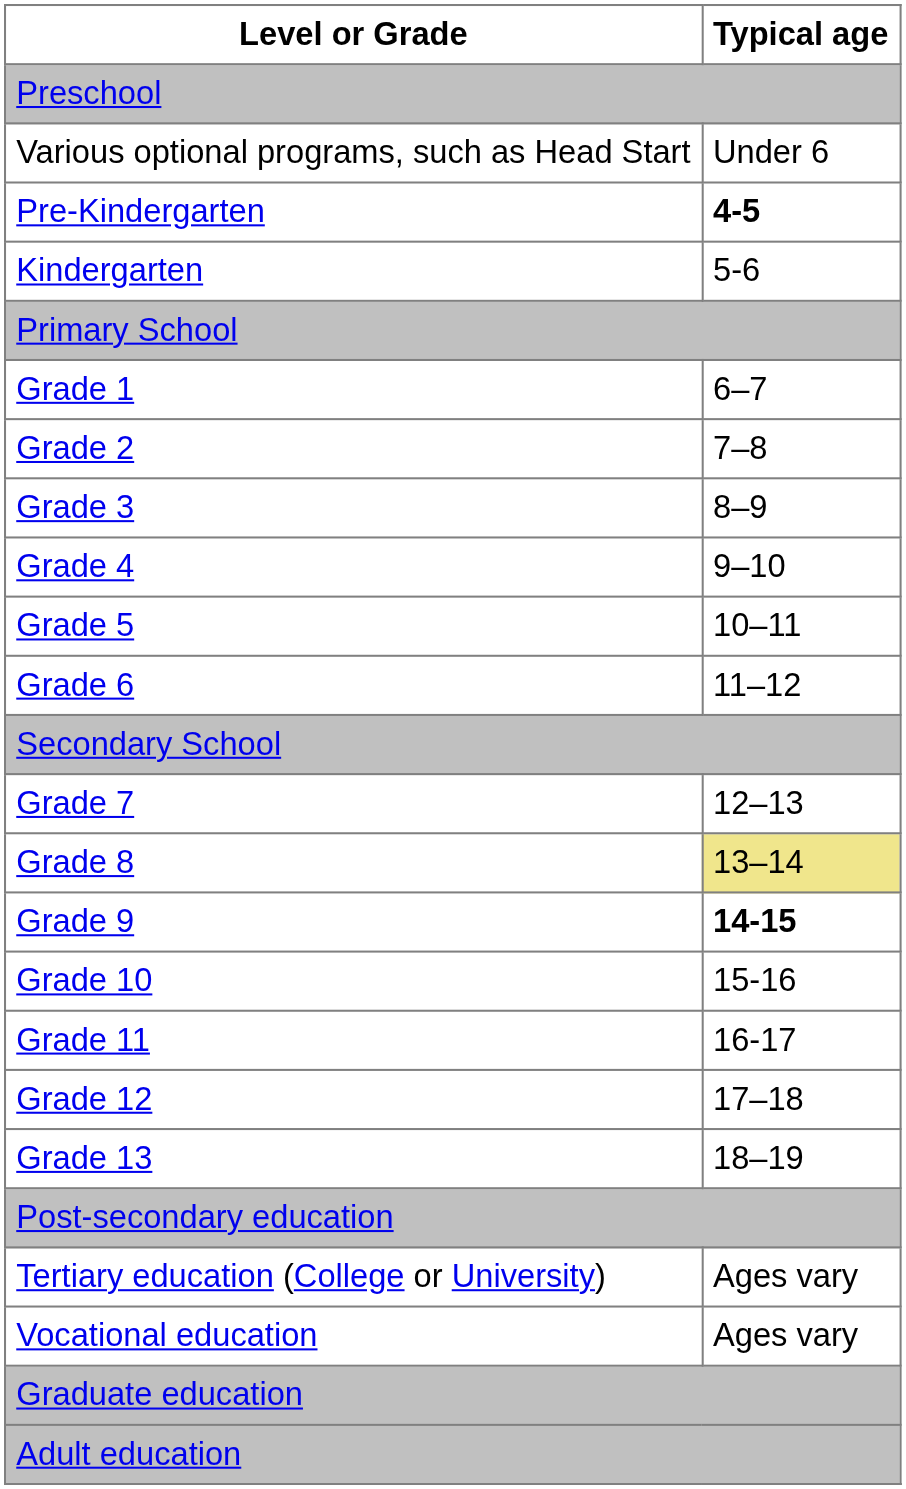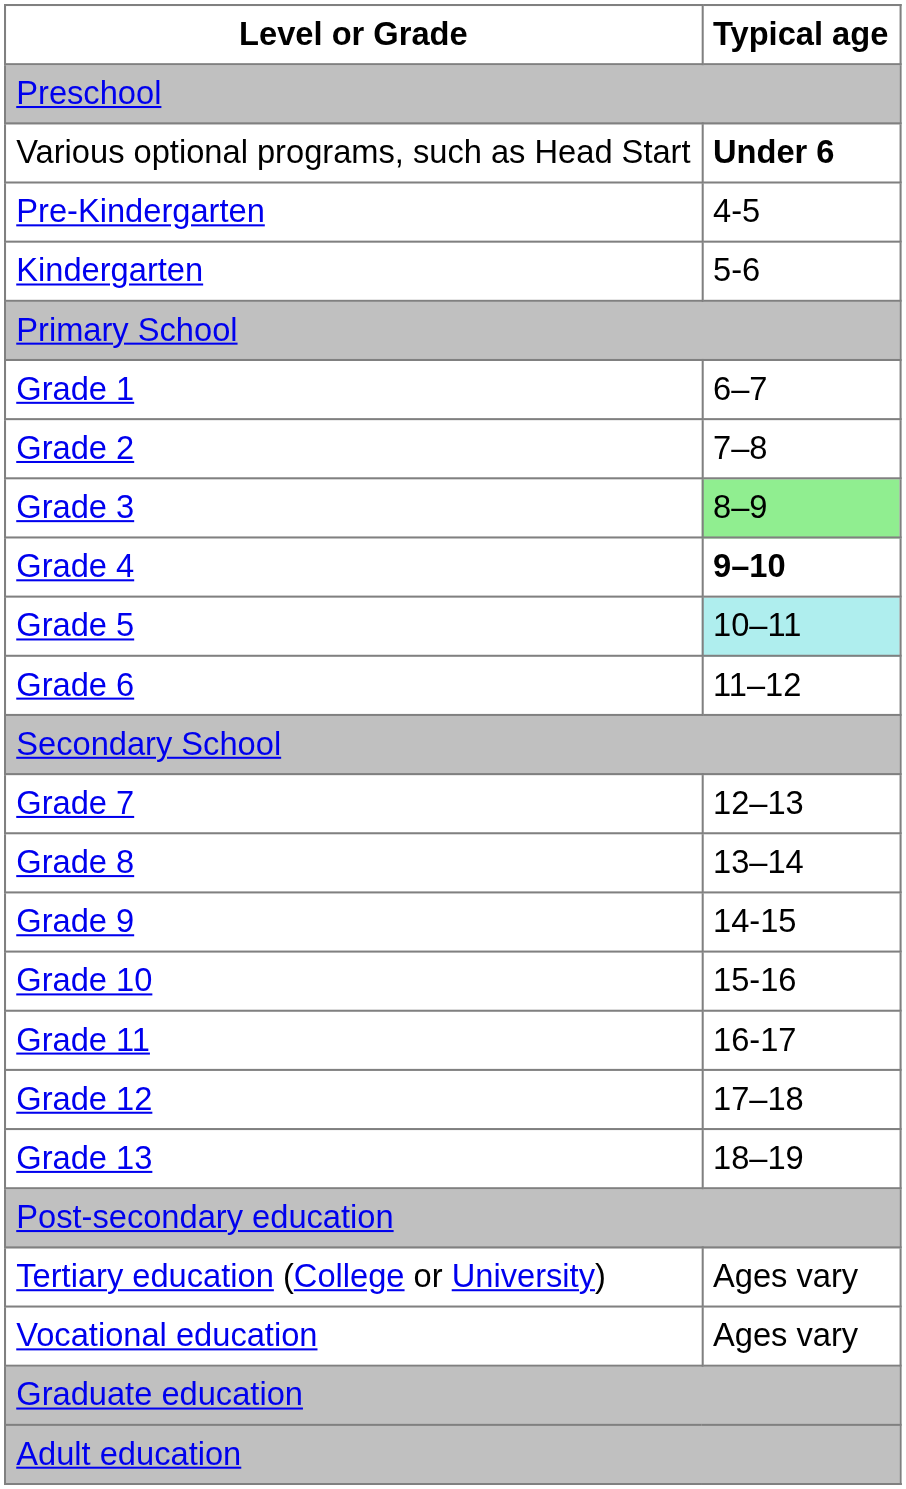 <table border="1" cellpadding="5" cellspacing="0" style="border-collapse:collapse;">
 <tr>
 <th>Level or Grade</th>
 <th>Typical age</th>
 </tr>
 <tr style="background:silver;">
 <td colspan=2><a href='#'>Preschool</a></td>
 </tr>
 <tr>
 <td>Various optional programs, such as Head Start</td>
-<td>Under 6</td>
+<td><strong>Under 6</strong></td>
 </tr>
 <tr>
 <td><a href='#'>Pre-Kindergarten</a></td>
-<td><strong>4-5</strong></td>
+<td>4-5</td>
 </tr>
 <tr>
 <td><a href='#'>Kindergarten</a></td>
 <td>5-6</td>
 </tr>
 <tr style="background:silver;">
 <td colspan=2><a href='#'>Primary School</a></td>
 </tr>
 <tr>
 <td><a href='#'>Grade 1</a></td>
 <td>6–7</td>
 </tr>
 <tr>
 <td><a href='#'>Grade 2</a></td>
 <td>7–8</td>
 </tr>
 <tr>
 <td><a href='#'>Grade 3</a></td>
-<td>8–9</td>
+<td style="background: lightgreen;">8–9</td>
 </tr>
 <tr>
 <td><a href='#'>Grade 4</a></td>
-<td>9–10</td>
+<td><strong>9–10</strong></td>
 </tr>
 <tr>
 <td><a href='#'>Grade 5</a></td>
-<td>10–11</td>
+<td style="background: paleturquoise;">10–11</td>
 </tr>
 <tr>
 <td><a href='#'>Grade 6</a></td>
 <td>11–12</td>
 </tr>
 <tr style="background:silver;">
 <td colspan=2><a href='#'>Secondary School</a></td>
 </tr>
 <tr>
 <td><a href='#'>Grade 7</a></td>
 <td>12–13</td>
 </tr>
 <tr>
 <td><a href='#'>Grade 8</a></td>
-<td style="background: khaki;">13–14</td>
+<td>13–14</td>
 </tr>
 <tr>
 <td><a href='#'>Grade 9</a></td>
-<td><strong>14-15</strong></td>
+<td>14-15</td>
 </tr>
 <tr>
 <td><a href='#'>Grade 10</a></td>
 <td>15-16</td>
 </tr>
 <tr>
 <td><a href='#'>Grade 11</a></td>
 <td>16-17</td>
 </tr>
 <tr>
 <td><a href='#'>Grade 12</a></td>
 <td>17–18</td>
 </tr>
 <tr>
 <td><a href='#'>Grade 13</a></td>
 <td>18–19</td>
 </tr>
 <tr style="background:silver;" >
 <td colspan=2><a href='#'>Post-secondary education</a></td>
 </tr>
 <tr>
 <td><a href='#'>Tertiary education</a> (<a href='#'>College</a> or <a href='#'>University</a>)</td>
 <td>Ages vary</td>
 </tr>
 <tr>
 <td><a href='#'>Vocational education</a></td>
 <td>Ages vary</td>
 </tr>
 <tr style="background:silver;">
 <td colspan=2><a href='#'>Graduate education</a></td>
 </tr>
 <tr style="background:silver;">
 <td colspan=2><a href='#'>Adult education</a></td>
 </tr>
 <tr>
 </tr>
 </table>
